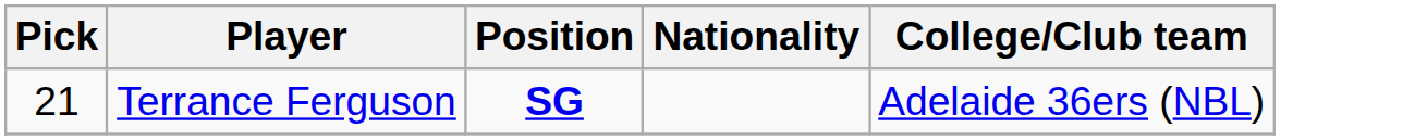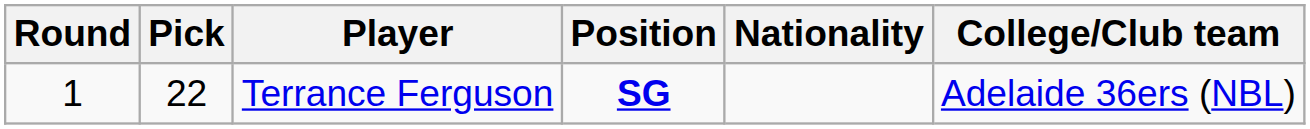 <table class="wikitable sortable sortable">
 <tr>
+<th>Round</th>
 <th>Pick</th>
 <th>Player</th>
 <th>Position</th>
 <th>Nationality</th>
 <th>College/Club team</th>
 </tr>
 <tr style="text-align: center">
-<td>21</td>
+<td>1</td>
+<td>22</td>
 <td><a href='#'>Terrance Ferguson</a></td>
 <td><strong><a href='#'>SG</a></strong></td>
 <td></td>
 <td> <a href='#'>Adelaide 36ers</a> (<a href='#'>NBL</a>)</td>
 </tr>
 </table>
